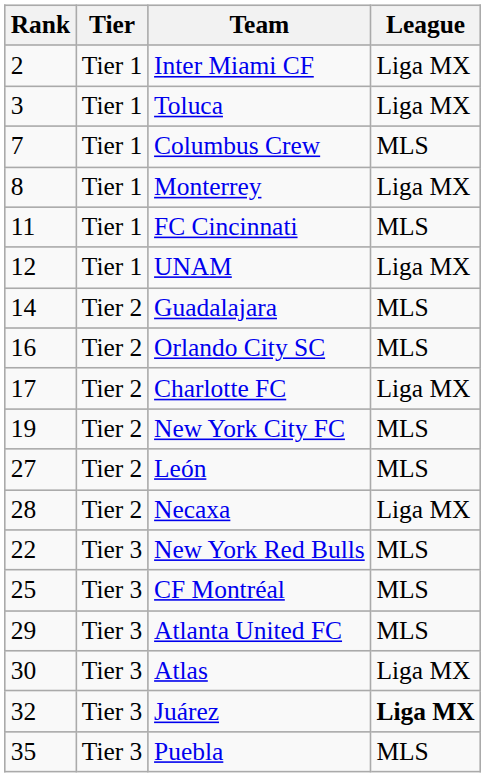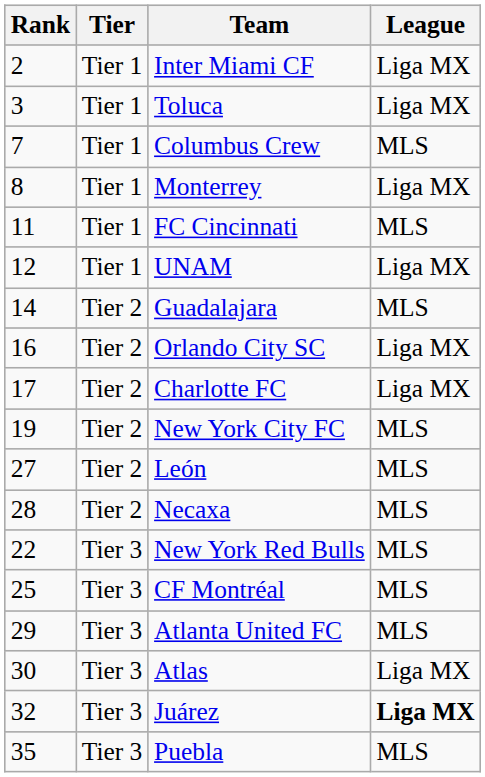 <table class="wikitable" style="white-space:nowrap; display:inline-table;">
 <tr>
 <th>Rank</th>
 <th>Tier</th>
 <th>Team</th>
 <th>League</th>
 </tr>
 <tr>
 <td>2</td>
 <td>Tier 1</td>
 <td><a href='#'>Inter Miami CF</a></td>
 <td>Liga MX</td>
 </tr>
 <tr>
 <td>3</td>
 <td>Tier 1</td>
 <td><a href='#'>Toluca</a></td>
 <td>Liga MX</td>
 </tr>
 <tr>
 <td>7</td>
 <td>Tier 1</td>
 <td><a href='#'>Columbus Crew</a></td>
 <td>MLS</td>
 </tr>
 <tr>
 <td>8</td>
 <td>Tier 1</td>
 <td><a href='#'>Monterrey</a></td>
 <td>Liga MX</td>
 </tr>
 <tr>
 <td>11</td>
 <td>Tier 1</td>
 <td><a href='#'>FC Cincinnati</a></td>
 <td>MLS</td>
 </tr>
 <tr>
 <td>12</td>
 <td>Tier 1</td>
 <td><a href='#'>UNAM</a></td>
 <td>Liga MX</td>
 </tr>
 <tr>
 <td>14</td>
 <td>Tier 2</td>
 <td><a href='#'>Guadalajara</a></td>
 <td>MLS</td>
 </tr>
 <tr>
 <td>16</td>
 <td>Tier 2</td>
 <td><a href='#'>Orlando City SC</a></td>
-<td>MLS</td>
+<td>Liga MX</td>
 </tr>
 <tr>
 <td>17</td>
 <td>Tier 2</td>
 <td><a href='#'>Charlotte FC</a></td>
 <td>Liga MX</td>
 </tr>
 <tr>
 <td>19</td>
 <td>Tier 2</td>
 <td><a href='#'>New York City FC</a></td>
 <td>MLS</td>
 </tr>
 <tr>
 <td>27</td>
 <td>Tier 2</td>
 <td><a href='#'>León</a></td>
 <td>MLS</td>
 </tr>
 <tr>
 <td>28</td>
 <td>Tier 2</td>
 <td><a href='#'>Necaxa</a></td>
-<td>Liga MX</td>
+<td>MLS</td>
 </tr>
 <tr>
 <td>22</td>
 <td>Tier 3</td>
 <td><a href='#'>New York Red Bulls</a></td>
 <td>MLS</td>
 </tr>
 <tr>
 <td>25</td>
 <td>Tier 3</td>
 <td><a href='#'>CF Montréal</a></td>
 <td>MLS</td>
 </tr>
 <tr>
 <td>29</td>
 <td>Tier 3</td>
 <td><a href='#'>Atlanta United FC</a></td>
 <td>MLS</td>
 </tr>
 <tr>
 <td>30</td>
 <td>Tier 3</td>
 <td><a href='#'>Atlas</a></td>
 <td>Liga MX</td>
 </tr>
 <tr>
 <td>32</td>
 <td>Tier 3</td>
 <td><a href='#'>Juárez</a></td>
 <td><strong>Liga MX</strong></td>
 </tr>
 <tr>
 <td>35</td>
 <td>Tier 3</td>
 <td><a href='#'>Puebla</a></td>
 <td>MLS</td>
 </tr>
 </table>
